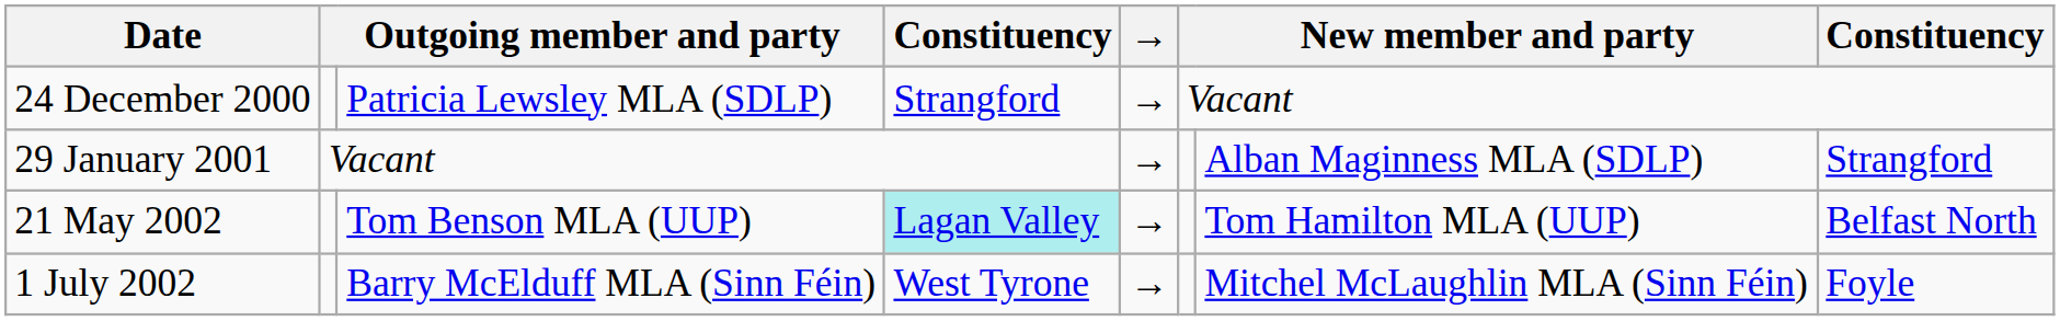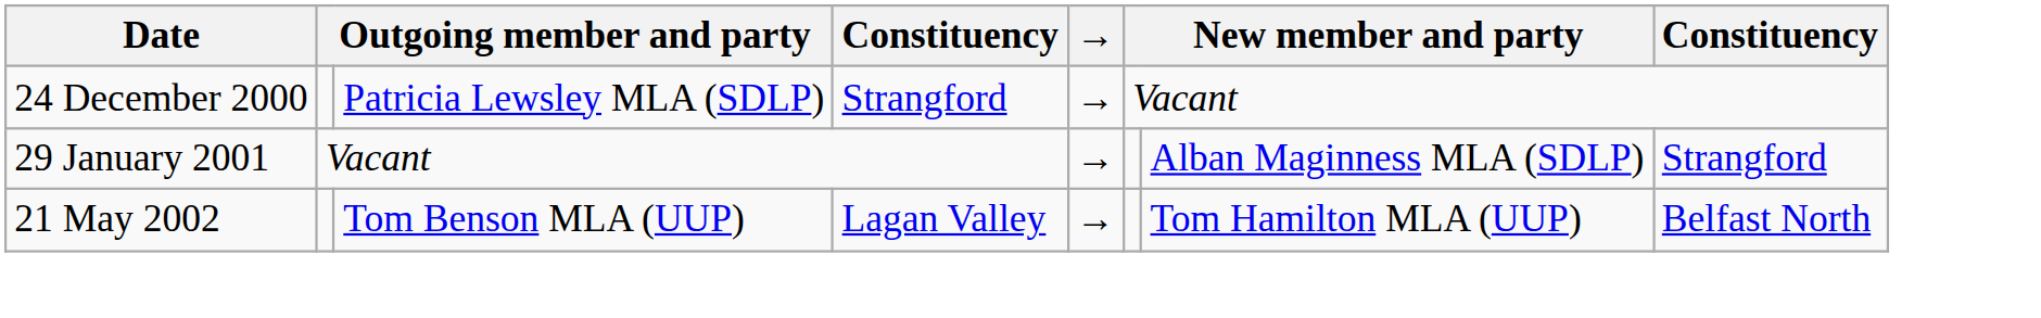 <table class="wikitable">
 <tr>
 <th valign="top">Date</th>
 <th colspan="2" valign="top">Outgoing member and party</th>
 <th valign="top">Constituency</th>
 <th>→</th>
 <th colspan="2" valign="top">New member and party</th>
 <th valign="top">Constituency</th>
 </tr>
 <tr>
 <td>24 December 2000</td>
 <td></td>
 <td><a href='#'>Patricia Lewsley</a> MLA (<a href='#'>SDLP</a>)</td>
 <td><a href='#'>Strangford</a></td>
 <td>→</td>
 <td colspan=3><em>Vacant</em></td>
 </tr>
 <tr>
 <td>29 January 2001</td>
 <td colspan=3><em>Vacant</em></td>
 <td>→</td>
 <td></td>
 <td><a href='#'>Alban Maginness</a> MLA (<a href='#'>SDLP</a>)</td>
 <td><a href='#'>Strangford</a></td>
 </tr>
 <tr>
 <td>21 May 2002</td>
 <td></td>
 <td><a href='#'>Tom Benson</a> MLA (<a href='#'>UUP</a>)</td>
-<td style="background: paleturquoise;"><a href='#'>Lagan Valley</a></td>
+<td><a href='#'>Lagan Valley</a></td>
 <td>→</td>
 <td></td>
 <td><a href='#'>Tom Hamilton</a> MLA (<a href='#'>UUP</a>)</td>
 <td><a href='#'>Belfast North</a></td>
 </tr>
-<tr>
-<td>1 July 2002</td>
-<td></td>
-<td><a href='#'>Barry McElduff</a> MLA (<a href='#'>Sinn Féin</a>)</td>
-<td><a href='#'>West Tyrone</a></td>
-<td>→</td>
-<td></td>
-<td><a href='#'>Mitchel McLaughlin</a> MLA (<a href='#'>Sinn Féin</a>)</td>
-<td><a href='#'>Foyle</a></td>
-</tr>
 </table>
